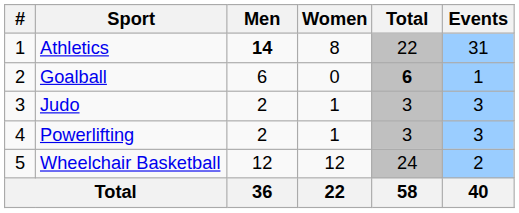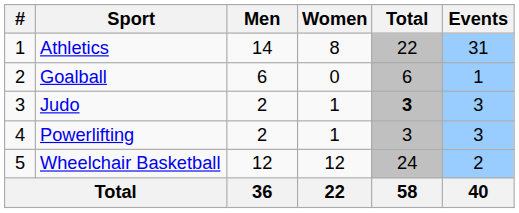 <table class="wikitable sortable" style="text-align:center;">
 <tr>
 <th width=20>#</th>
 <th width=160>Sport</th>
 <th width=55>Men</th>
 <th width=55>Women</th>
 <th width=55>Total</th>
 <th width=55>Events</th>
 </tr>
 <tr>
 <td align=center>1</td>
 <td align=left><a href='#'>Athletics</a></td>
-<td><strong>14</strong></td>
+<td>14</td>
 <td>8</td>
 <td bgcolor=silver>22</td>
 <td bgcolor=#9acdff>31</td>
 </tr>
 <tr>
 <td align=center>2</td>
 <td align=left><a href='#'>Goalball</a></td>
 <td>6</td>
 <td>0</td>
-<td bgcolor=silver><strong>6</strong></td>
+<td bgcolor=silver>6</td>
 <td bgcolor=#9acdff>1</td>
 </tr>
 <tr>
 <td align=center>3</td>
 <td align=left><a href='#'>Judo</a></td>
 <td>2</td>
 <td>1</td>
-<td bgcolor=silver>3</td>
+<td bgcolor=silver><strong>3</strong></td>
 <td bgcolor=#9acdff>3</td>
 </tr>
 <tr>
 <td align=center>4</td>
 <td align=left><a href='#'>Powerlifting</a></td>
 <td>2</td>
 <td>1</td>
 <td bgcolor=silver>3</td>
 <td bgcolor=#9acdff>3</td>
 </tr>
 <tr>
 <td align=center>5</td>
 <td align=left><a href='#'>Wheelchair Basketball</a></td>
 <td>12</td>
 <td>12</td>
 <td bgcolor=silver>24</td>
 <td bgcolor=#9acdff>2</td>
 </tr>
 <tr>
 <th colspan=2>Total</th>
 <th>36</th>
 <th>22</th>
 <th>58</th>
 <th>40</th>
 </tr>
 </table>
